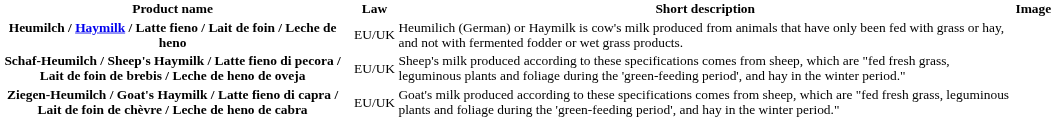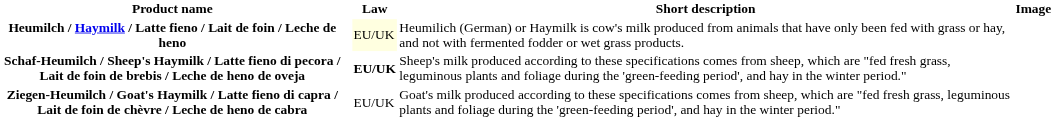 <table>
 <tr>
 <th>Product name</th>
 <th>Law</th>
 <th>Short description</th>
 <th>Image</th>
 </tr>
 <tr>
 <th>Heumilch / <a href='#'>Haymilk</a> / Latte fieno / Lait de foin / Leche de heno</th>
-<td>EU/UK</td>
+<td style="background: lightyellow;">EU/UK</td>
 <td>Heumilich (German) or Haymilk is cow's milk produced from animals that have only been fed with grass or hay, and not with fermented fodder or wet grass products.</td>
 <td></td>
 </tr>
 <tr>
 <th>Schaf-Heumilch / Sheep's Haymilk / Latte fieno di pecora / Lait de foin de brebis / Leche de heno de oveja</th>
-<td>EU/UK</td>
+<td><strong>EU/UK</strong></td>
 <td>Sheep's milk produced according to these specifications comes from sheep, which are "fed fresh grass, leguminous plants and foliage during the 'green-feeding period', and hay in the winter period."</td>
 <td></td>
 </tr>
 <tr>
 <th>Ziegen-Heumilch / Goat's Haymilk / Latte fieno di capra / Lait de foin de chèvre / Leche de heno de cabra</th>
 <td>EU/UK</td>
 <td>Goat's milk produced according to these specifications comes from sheep, which are "fed fresh grass, leguminous plants and foliage during the 'green-feeding period', and hay in the winter period."</td>
 <td></td>
 </tr>
 <tr>
 </tr>
 </table>
